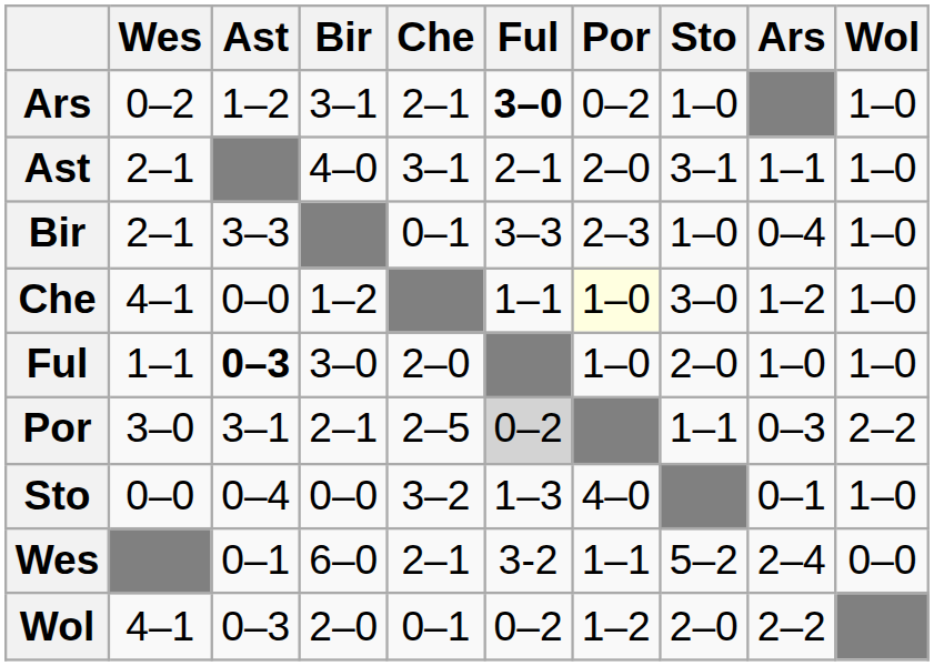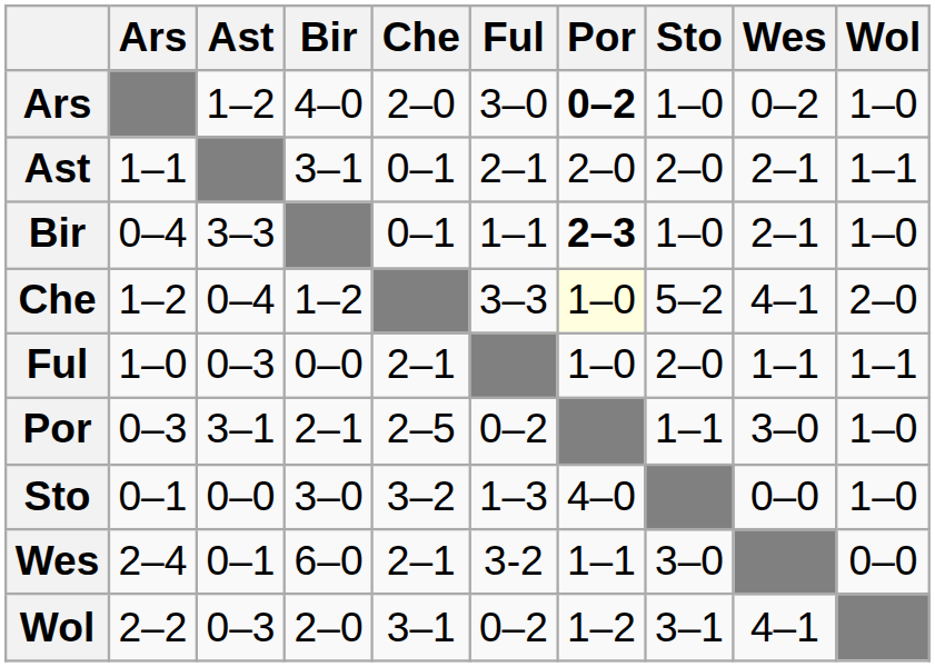 <table class="wikitable" style="text-align:center; font-size:100%">
 <tr>
 <th></th>
-<th>Wes</th>
+<th>Ars</th>
 <th>Ast</th>
 <th>Bir</th>
 <th>Che</th>
 <th>Ful</th>
 <th>Por</th>
 <th>Sto</th>
-<th>Ars</th>
+<th>Wes</th>
 <th>Wol</th>
 </tr>
 <tr>
 <th>Ars</th>
+<td bgcolor="#808080"></td>
+<td>1–2</td>
+<td>4–0</td>
+<td>2–0</td>
+<td>3–0</td>
+<td><strong>0–2</strong></td>
+<td>1–0</td>
 <td>0–2</td>
-<td>1–2</td>
-<td>3–1</td>
-<td>2–1</td>
-<td><strong>3–0</strong></td>
-<td>0–2</td>
-<td>1–0</td>
-<td bgcolor="#808080"></td>
 <td>1–0</td>
 </tr>
 <tr>
 <th>Ast</th>
-<td>2–1</td>
+<td>1–1</td>
 <td bgcolor="#808080"></td>
-<td>4–0</td>
 <td>3–1</td>
+<td>0–1</td>
 <td>2–1</td>
 <td>2–0</td>
-<td>3–1</td>
+<td>2–0</td>
+<td>2–1</td>
 <td>1–1</td>
-<td>1–0</td>
 </tr>
 <tr>
 <th>Bir</th>
-<td>2–1</td>
+<td>0–4</td>
 <td>3–3</td>
 <td bgcolor="#808080"></td>
 <td>0–1</td>
-<td>3–3</td>
-<td>2–3</td>
+<td>1–1</td>
+<td><strong>2–3</strong></td>
 <td>1–0</td>
-<td>0–4</td>
+<td>2–1</td>
 <td>1–0</td>
 </tr>
 <tr>
 <th>Che</th>
-<td>4–1</td>
-<td>0–0</td>
+<td>1–2</td>
+<td>0–4</td>
 <td>1–2</td>
 <td bgcolor="#808080"></td>
+<td>3–3</td>
+<td style="background: lightyellow;">1–0</td>
+<td>5–2</td>
+<td>4–1</td>
+<td>2–0</td>
+</tr>
+<tr>
+<th>Ful</th>
+<td>1–0</td>
+<td>0–3</td>
+<td>0–0</td>
+<td>2–1</td>
+<td bgcolor="#808080"></td>
+<td>1–0</td>
+<td>2–0</td>
 <td>1–1</td>
-<td style="background: lightyellow;">1–0</td>
+<td>1–1</td>
+</tr>
+<tr>
+<th>Por</th>
+<td>0–3</td>
+<td>3–1</td>
+<td>2–1</td>
+<td>2–5</td>
+<td>0–2</td>
+<td bgcolor="#808080"></td>
+<td>1–1</td>
 <td>3–0</td>
-<td>1–2</td>
 <td>1–0</td>
 </tr>
 <tr>
-<th>Ful</th>
-<td>1–1</td>
-<td><strong>0–3</strong></td>
+<th>Sto</th>
+<td>0–1</td>
+<td>0–0</td>
 <td>3–0</td>
-<td>2–0</td>
-<td bgcolor="#808080"></td>
-<td>1–0</td>
-<td>2–0</td>
-<td>1–0</td>
-<td>1–0</td>
-</tr>
-<tr>
-<th>Por</th>
-<td>3–0</td>
-<td>3–1</td>
-<td>2–1</td>
-<td>2–5</td>
-<td style="background: lightgrey;">0–2</td>
-<td bgcolor="#808080"></td>
-<td>1–1</td>
-<td>0–3</td>
-<td>2–2</td>
-</tr>
-<tr>
-<th>Sto</th>
-<td>0–0</td>
-<td>0–4</td>
-<td>0–0</td>
 <td>3–2</td>
 <td>1–3</td>
 <td>4–0</td>
 <td bgcolor="#808080"></td>
-<td>0–1</td>
+<td>0–0</td>
 <td>1–0</td>
 </tr>
 <tr>
 <th>Wes</th>
-<td bgcolor="#808080"></td>
+<td>2–4</td>
 <td>0–1</td>
 <td>6–0</td>
 <td>2–1</td>
 <td>3-2</td>
 <td>1–1</td>
-<td>5–2</td>
-<td>2–4</td>
+<td>3–0</td>
+<td bgcolor="#808080"></td>
 <td>0–0</td>
 </tr>
 <tr>
 <th>Wol</th>
-<td>4–1</td>
+<td>2–2</td>
 <td>0–3</td>
 <td>2–0</td>
-<td>0–1</td>
+<td>3–1</td>
 <td>0–2</td>
 <td>1–2</td>
-<td>2–0</td>
-<td>2–2</td>
+<td>3–1</td>
+<td>4–1</td>
 <td bgcolor="#808080"></td>
 </tr>
 </table>
